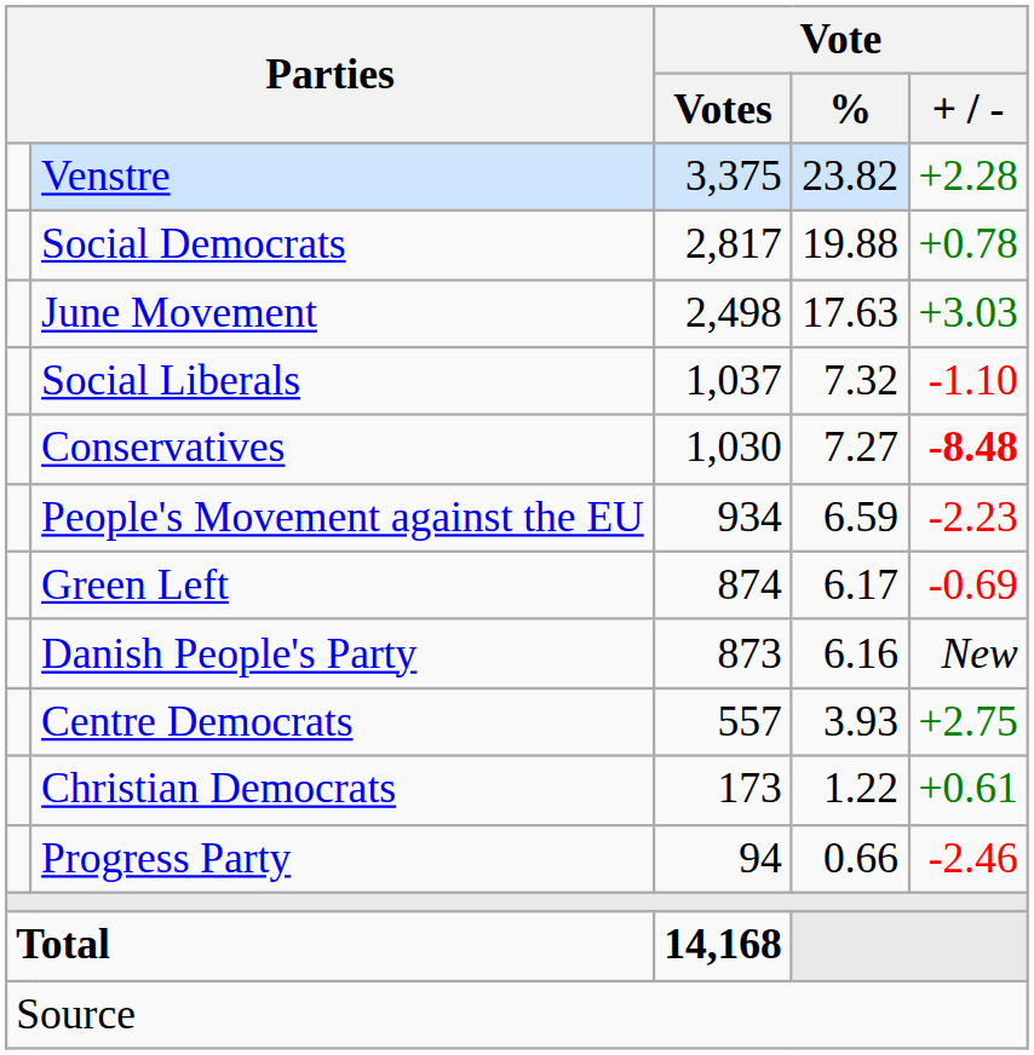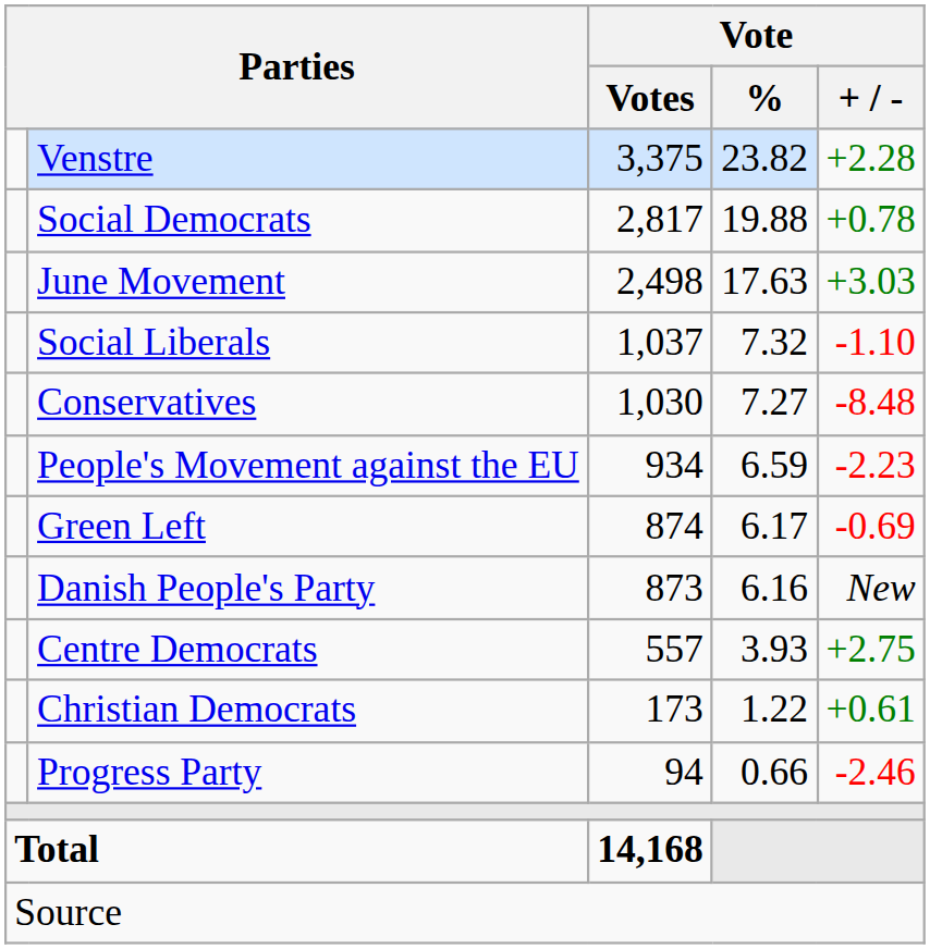 <table class="wikitable" style="text-align:right;">
 <tr>
 <th style="text-align:centre;" rowspan="2" colspan="2" width="225">Parties</th>
 <th colspan="3">Vote</th>
 </tr>
 <tr>
 <th width="15">Votes</th>
 <th width="15">%</th>
 <th width="15">+ / -</th>
 </tr>
 <tr>
 <td width="2" style="color:inherit;background:"></td>
 <td bgcolor=#cfe5fe   align="left"><a href='#'>Venstre</a></td>
 <td bgcolor=#cfe5fe>3,375</td>
 <td bgcolor=#cfe5fe>23.82</td>
 <td style=color:green;>+2.28</td>
 </tr>
 <tr>
 <td width="2" style="color:inherit;background:"></td>
 <td align="left"><a href='#'>Social Democrats</a></td>
 <td>2,817</td>
 <td>19.88</td>
 <td style=color:green;>+0.78</td>
 </tr>
 <tr>
 <td width="2" style="color:inherit;background:"></td>
 <td align="left"><a href='#'>June Movement</a></td>
 <td>2,498</td>
 <td>17.63</td>
 <td style=color:green;>+3.03</td>
 </tr>
 <tr>
 <td width="2" style="color:inherit;background:"></td>
 <td align="left"><a href='#'>Social Liberals</a></td>
 <td>1,037</td>
 <td>7.32</td>
 <td style=color:red;>-1.10</td>
 </tr>
 <tr>
 <td width="2" style="color:inherit;background:"></td>
 <td align="left"><a href='#'>Conservatives</a></td>
 <td>1,030</td>
 <td>7.27</td>
-<td style=color:red;><strong>-8.48</strong></td>
+<td style=color:red;>-8.48</td>
 </tr>
 <tr>
 <td width="2" style="color:inherit;background:"></td>
 <td align="left"><a href='#'>People's Movement against the EU</a></td>
 <td>934</td>
 <td>6.59</td>
 <td style=color:red;>-2.23</td>
 </tr>
 <tr>
 <td width="2" style="color:inherit;background:"></td>
 <td align="left"><a href='#'>Green Left</a></td>
 <td>874</td>
 <td>6.17</td>
 <td style=color:red;>-0.69</td>
 </tr>
 <tr>
 <td width="2" style="color:inherit;background:"></td>
 <td align="left"><a href='#'>Danish People's Party</a></td>
 <td>873</td>
 <td>6.16</td>
 <td><em>New</em></td>
 </tr>
 <tr>
 <td width="2" style="color:inherit;background:"></td>
 <td align="left"><a href='#'>Centre Democrats</a></td>
 <td>557</td>
 <td>3.93</td>
 <td style=color:green;>+2.75</td>
 </tr>
 <tr>
 <td width="2" style="color:inherit;background:"></td>
 <td align="left"><a href='#'>Christian Democrats</a></td>
 <td>173</td>
 <td>1.22</td>
 <td style=color:green;>+0.61</td>
 </tr>
 <tr>
 <td width="2" style="color:inherit;background:"></td>
 <td align="left"><a href='#'>Progress Party</a></td>
 <td>94</td>
 <td>0.66</td>
 <td style=color:red;>-2.46</td>
 </tr>
 <tr>
 <td colspan="7" bgcolor="#E9E9E9"></td>
 </tr>
 <tr>
 <td align="left" colspan="2"><strong>Total</strong></td>
 <td><strong>14,168</strong></td>
 <td bgcolor="#E9E9E9" colspan="2"></td>
 </tr>
 <tr>
 <td align="left" colspan="6">Source</td>
 </tr>
 </table>
